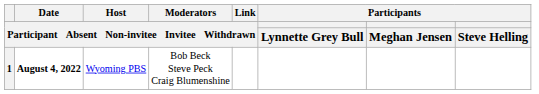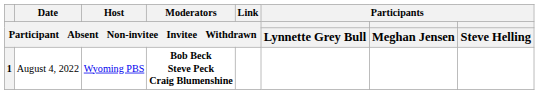 <table class="wikitable mw-collapsible"  style="text-align:center;">
 <tr style="font-size:small;">
 <th scope="col"></th>
 <th scope="col">Date</th>
 <th scope="col">Host</th>
 <th scope="col">Moderators</th>
 <th scope="col">Link</th>
 <th scope="col" colspan="3">Participants</th>
 </tr>
 <tr>
 <th colspan="5" rowspan="2"> <small>Participant  </small> <small>Absent  </small> <small>Non-invitee  </small> <small>Invitee  </small> <small>Withdrawn</small></th>
 <th scope="col" style="background:"></th>
 <th scope="col" style="background:"></th>
 <th scope="col" style="background:"></th>
 </tr>
 <tr>
 <th scope="col">Lynnette Grey Bull</th>
 <th scope="col">Meghan Jensen</th>
 <th scope="col">Steve Helling</th>
 </tr>
 <tr style="background:#fff; font-size:small;">
 <th scope="row">1</th>
-<td style="white-space:nowrap;"><strong>August 4, 2022</strong></td>
+<td style="white-space:nowrap;">August 4, 2022</td>
 <td style="white-space:nowrap;"><a href='#'>Wyoming PBS</a></td>
-<td style="white-space:nowrap;">Bob Beck <br> Steve Peck <br> Craig Blumenshine</td>
+<td style="white-space:nowrap;"><strong>Bob Beck <br> Steve Peck <br> Craig Blumenshine</strong></td>
 <td style="white-space:nowrap;"></td>
 <td></td>
 <td></td>
 <td></td>
 </tr>
 </table>
